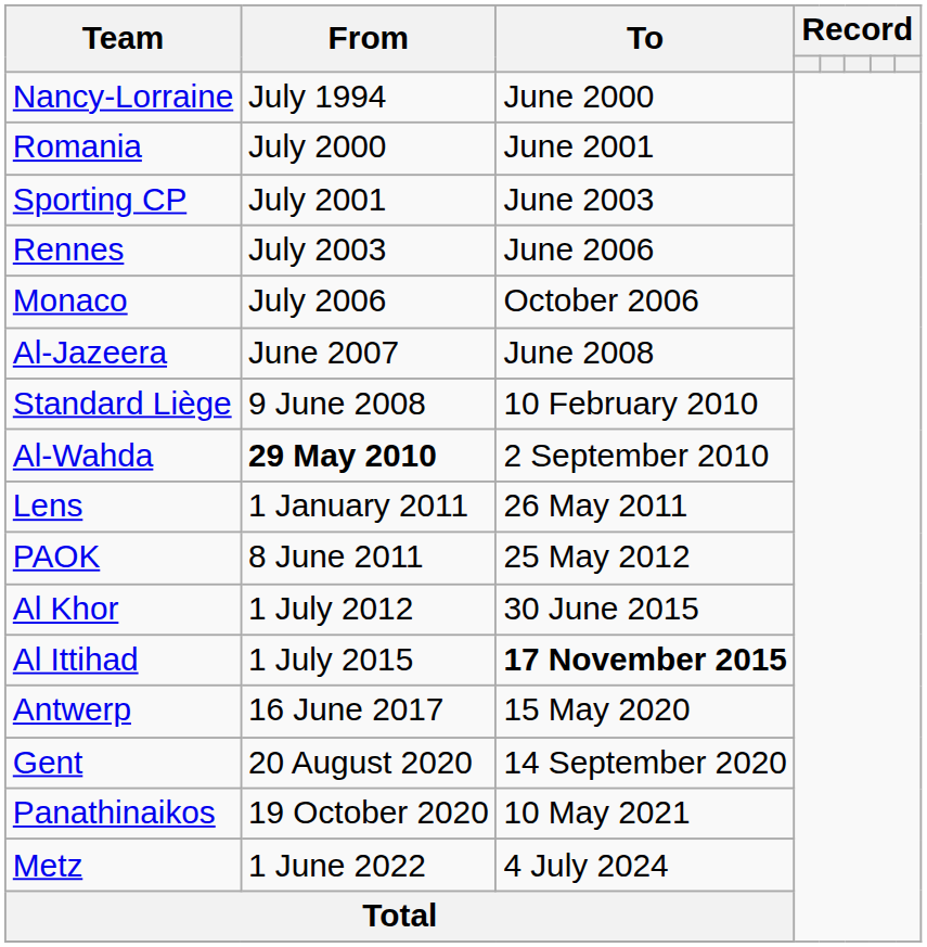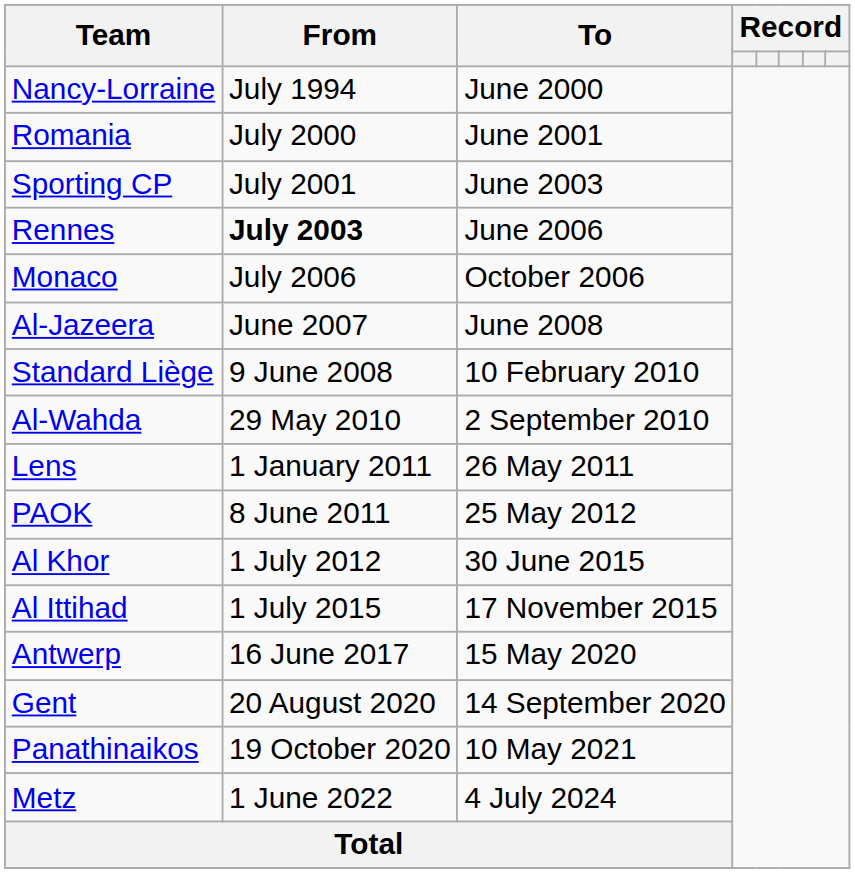 <table class=wikitable style="text-align: center">
 <tr>
 <th rowspan=2>Team</th>
 <th rowspan=2>From</th>
 <th rowspan=2>To</th>
 <th colspan=5>Record</th>
 </tr>
 <tr>
 <th></th>
 <th></th>
 <th></th>
 <th></th>
 <th></th>
 </tr>
 <tr>
 <td align=left> <a href='#'>Nancy-Lorraine</a></td>
 <td align=left>July 1994</td>
 <td align=left>June 2000<br></td>
 </tr>
 <tr>
 <td align=left> <a href='#'>Romania</a></td>
 <td align=left>July 2000</td>
 <td align=left>June 2001<br></td>
 </tr>
 <tr>
 <td align=left> <a href='#'>Sporting CP</a></td>
 <td align=left>July 2001</td>
 <td align=left>June 2003<br></td>
 </tr>
 <tr>
 <td align=left> <a href='#'>Rennes</a></td>
-<td align=left>July 2003</td>
+<td align=left><strong>July 2003</strong></td>
 <td align=left>June 2006<br></td>
 </tr>
 <tr>
 <td align=left> <a href='#'>Monaco</a></td>
 <td align=left>July 2006</td>
 <td align=left>October 2006<br></td>
 </tr>
 <tr>
 <td align=left> <a href='#'>Al-Jazeera</a></td>
 <td align=left>June 2007</td>
 <td align=left>June 2008<br></td>
 </tr>
 <tr>
 <td align=left> <a href='#'>Standard Liège</a></td>
 <td align=left>9 June 2008</td>
 <td align=left>10 February 2010<br></td>
 </tr>
 <tr>
 <td align=left> <a href='#'>Al-Wahda</a></td>
-<td align=left><strong>29 May 2010</strong></td>
+<td align=left>29 May 2010</td>
 <td align=left>2 September 2010<br></td>
 </tr>
 <tr>
 <td align=left> <a href='#'>Lens</a></td>
 <td align=left>1 January 2011</td>
 <td align=left>26 May 2011<br></td>
 </tr>
 <tr>
 <td align=left> <a href='#'>PAOK</a></td>
 <td align=left>8 June 2011</td>
 <td align=left>25 May 2012<br></td>
 </tr>
 <tr>
 <td align=left> <a href='#'>Al Khor</a></td>
 <td align=left>1 July 2012</td>
 <td align=left>30 June 2015<br></td>
 </tr>
 <tr>
 <td align=left> <a href='#'>Al Ittihad</a></td>
 <td align=left>1 July 2015</td>
-<td align=left><strong>17 November 2015<br></strong></td>
+<td align=left>17 November 2015<br></td>
 </tr>
 <tr>
 <td align=left> <a href='#'>Antwerp</a></td>
 <td align=left>16 June 2017</td>
 <td align=left>15 May 2020<br></td>
 </tr>
 <tr>
 <td align=left> <a href='#'>Gent</a></td>
 <td align=left>20 August 2020</td>
 <td align=left>14 September 2020<br></td>
 </tr>
 <tr>
 <td align=left> <a href='#'>Panathinaikos</a></td>
 <td align=left>19 October 2020</td>
 <td align=left>10 May 2021<br></td>
 </tr>
 <tr>
 <td align=left> <a href='#'>Metz</a></td>
 <td align=left>1 June 2022</td>
 <td align=left>4 July 2024<br></td>
 </tr>
 <tr>
 <th colspan=3>Total<br></th>
 </tr>
 <tr>
 </tr>
 </table>
